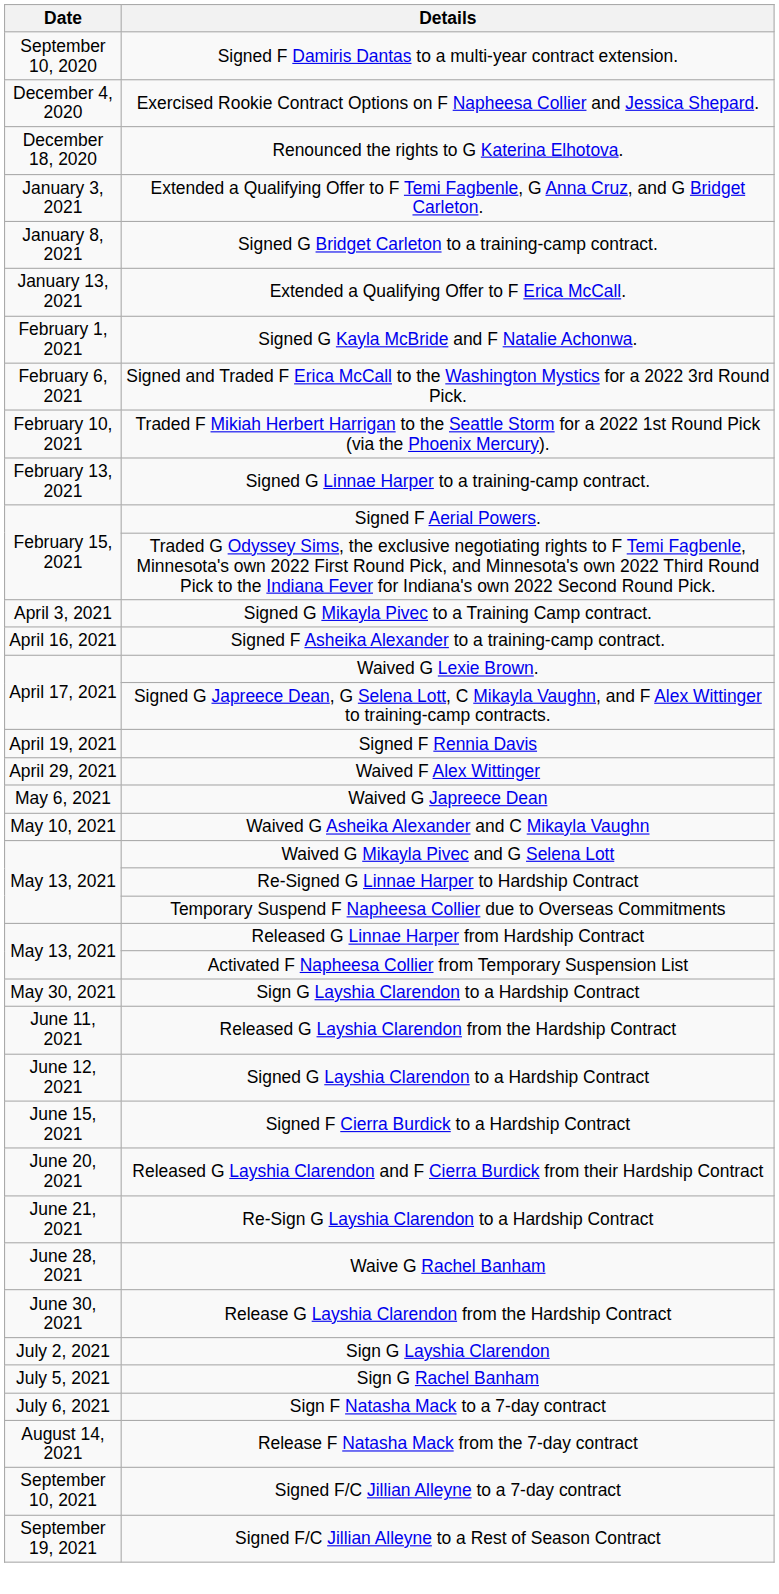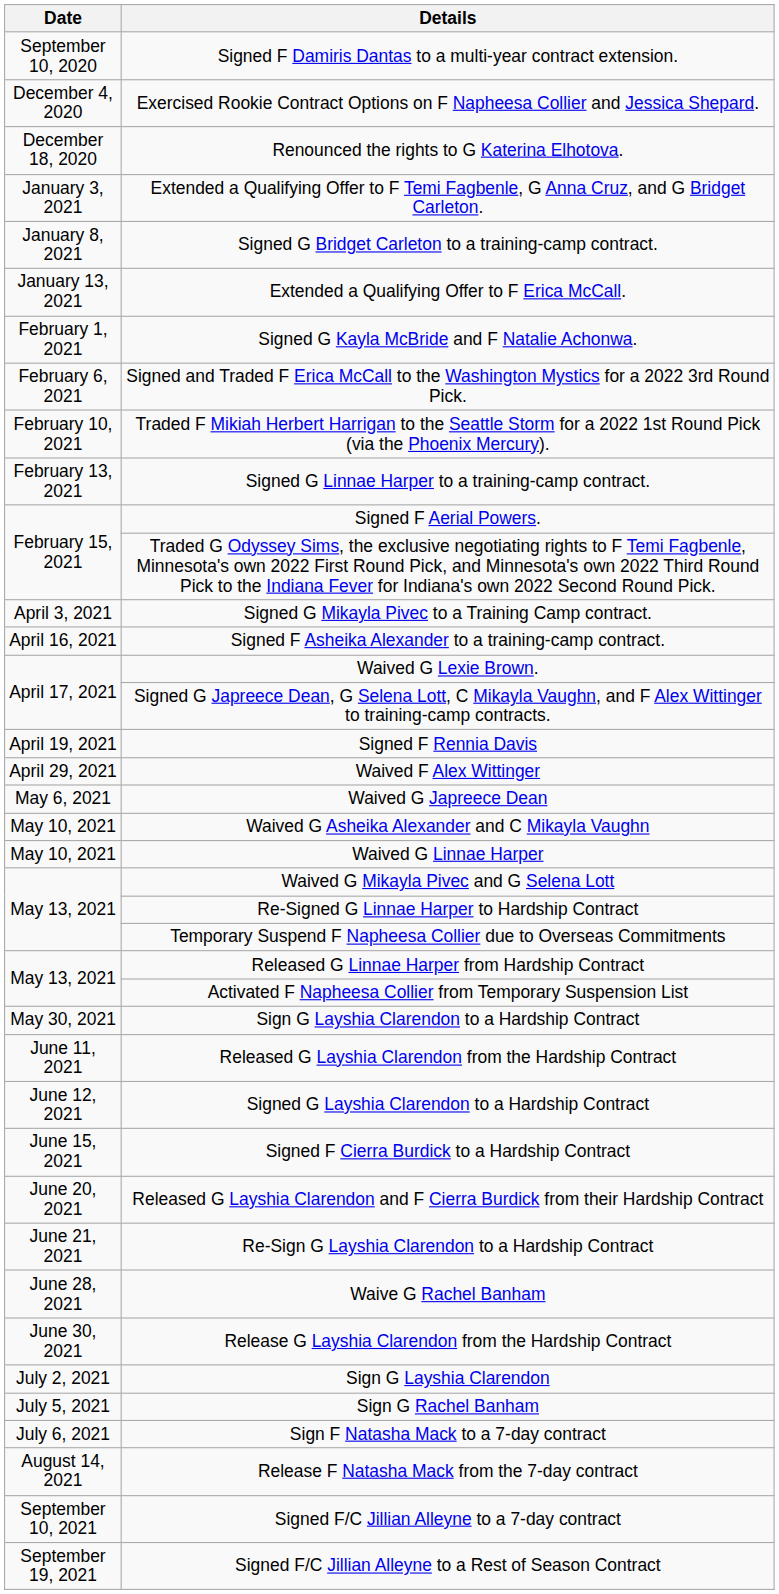 <table class="wikitable" style="width:80%; text-align: center">
 <tr>
 <th>Date</th>
 <th>Details</th>
 </tr>
 <tr>
 <td>September 10, 2020</td>
 <td>Signed F <a href='#'>Damiris Dantas</a> to a multi-year contract extension.</td>
 </tr>
 <tr>
 <td>December 4, 2020</td>
 <td>Exercised Rookie Contract Options on F <a href='#'>Napheesa Collier</a> and <a href='#'>Jessica Shepard</a>.</td>
 </tr>
 <tr>
 <td>December 18, 2020</td>
 <td>Renounced the rights to G <a href='#'>Katerina Elhotova</a>.</td>
 </tr>
 <tr>
 <td>January 3, 2021</td>
 <td>Extended a Qualifying Offer to F <a href='#'>Temi Fagbenle</a>, G <a href='#'>Anna Cruz</a>, and G <a href='#'>Bridget Carleton</a>.</td>
 </tr>
 <tr>
 <td>January 8, 2021</td>
 <td>Signed G <a href='#'>Bridget Carleton</a> to a training-camp contract.</td>
 </tr>
 <tr>
 <td>January 13, 2021</td>
 <td>Extended a Qualifying Offer to F <a href='#'>Erica McCall</a>.</td>
 </tr>
 <tr>
 <td>February 1, 2021</td>
 <td>Signed G <a href='#'>Kayla McBride</a> and F <a href='#'>Natalie Achonwa</a>.</td>
 </tr>
 <tr>
 <td>February 6, 2021</td>
 <td>Signed and Traded F <a href='#'>Erica McCall</a> to the <a href='#'>Washington Mystics</a> for a 2022 3rd Round Pick.</td>
 </tr>
 <tr>
 <td>February 10, 2021</td>
 <td>Traded F <a href='#'>Mikiah Herbert Harrigan</a> to the <a href='#'>Seattle Storm</a> for a 2022 1st Round Pick (via the <a href='#'>Phoenix Mercury</a>).</td>
 </tr>
 <tr>
 <td>February 13, 2021</td>
 <td>Signed G <a href='#'>Linnae Harper</a> to a training-camp contract.</td>
 </tr>
 <tr>
 <td rowspan=2>February 15, 2021</td>
 <td>Signed F <a href='#'>Aerial Powers</a>.</td>
 </tr>
 <tr>
 <td>Traded G <a href='#'>Odyssey Sims</a>, the exclusive negotiating rights to F <a href='#'>Temi Fagbenle</a>, Minnesota's own 2022 First Round Pick, and Minnesota's own 2022 Third Round Pick to the <a href='#'>Indiana Fever</a> for Indiana's own 2022 Second Round Pick.</td>
 </tr>
 <tr>
 <td>April 3, 2021</td>
 <td>Signed G <a href='#'>Mikayla Pivec</a> to a Training Camp contract.</td>
 </tr>
 <tr>
 <td>April 16, 2021</td>
 <td>Signed F <a href='#'>Asheika Alexander</a> to a training-camp contract.</td>
 </tr>
 <tr>
 <td rowspan=2>April 17, 2021</td>
 <td>Waived G <a href='#'>Lexie Brown</a>.</td>
 </tr>
 <tr>
 <td>Signed G <a href='#'>Japreece Dean</a>, G <a href='#'>Selena Lott</a>, C <a href='#'>Mikayla Vaughn</a>, and F <a href='#'>Alex Wittinger</a> to training-camp contracts.</td>
 </tr>
 <tr>
 <td>April 19, 2021</td>
 <td>Signed F <a href='#'>Rennia Davis</a></td>
 </tr>
 <tr>
 <td>April 29, 2021</td>
 <td>Waived F <a href='#'>Alex Wittinger</a></td>
 </tr>
 <tr>
 <td>May 6, 2021</td>
 <td>Waived G <a href='#'>Japreece Dean</a></td>
 </tr>
 <tr>
 <td>May 10, 2021</td>
 <td>Waived G <a href='#'>Asheika Alexander</a> and C <a href='#'>Mikayla Vaughn</a></td>
 </tr>
 <tr>
+<td>May 10, 2021</td>
+<td>Waived G <a href='#'>Linnae Harper</a></td>
+</tr>
+<tr>
 <td rowspan=3>May 13, 2021</td>
 <td>Waived G <a href='#'>Mikayla Pivec</a> and G <a href='#'>Selena Lott</a></td>
 </tr>
 <tr>
 <td>Re-Signed G <a href='#'>Linnae Harper</a> to Hardship Contract</td>
 </tr>
 <tr>
 <td>Temporary Suspend F <a href='#'>Napheesa Collier</a> due to Overseas Commitments</td>
 </tr>
 <tr>
 <td rowspan=2>May 13, 2021</td>
 <td>Released G <a href='#'>Linnae Harper</a> from Hardship Contract</td>
 </tr>
 <tr>
 <td>Activated F <a href='#'>Napheesa Collier</a> from Temporary Suspension List</td>
 </tr>
 <tr>
 <td>May 30, 2021</td>
 <td>Sign G <a href='#'>Layshia Clarendon</a> to a Hardship Contract</td>
 </tr>
 <tr>
 <td>June 11, 2021</td>
 <td>Released G <a href='#'>Layshia Clarendon</a> from the Hardship Contract</td>
 </tr>
 <tr>
 <td>June 12, 2021</td>
 <td>Signed G <a href='#'>Layshia Clarendon</a> to a Hardship Contract</td>
 </tr>
 <tr>
 <td>June 15, 2021</td>
 <td>Signed F <a href='#'>Cierra Burdick</a> to a Hardship Contract</td>
 </tr>
 <tr>
 <td>June 20, 2021</td>
 <td>Released G <a href='#'>Layshia Clarendon</a> and F <a href='#'>Cierra Burdick</a> from their Hardship Contract</td>
 </tr>
 <tr>
 <td>June 21, 2021</td>
 <td>Re-Sign G <a href='#'>Layshia Clarendon</a> to a Hardship Contract</td>
 </tr>
 <tr>
 <td>June 28, 2021</td>
 <td>Waive G <a href='#'>Rachel Banham</a></td>
 </tr>
 <tr>
 <td>June 30, 2021</td>
 <td>Release G <a href='#'>Layshia Clarendon</a> from the Hardship Contract</td>
 </tr>
 <tr>
 <td>July 2, 2021</td>
 <td>Sign G <a href='#'>Layshia Clarendon</a></td>
 </tr>
 <tr>
 <td>July 5, 2021</td>
 <td>Sign G <a href='#'>Rachel Banham</a></td>
 </tr>
 <tr>
 <td>July 6, 2021</td>
 <td>Sign F <a href='#'>Natasha Mack</a> to a 7-day contract</td>
 </tr>
 <tr>
 <td>August 14, 2021</td>
 <td>Release F <a href='#'>Natasha Mack</a> from the 7-day contract</td>
 </tr>
 <tr>
 <td>September 10, 2021</td>
 <td>Signed F/C <a href='#'>Jillian Alleyne</a> to a 7-day contract</td>
 </tr>
 <tr>
 <td>September 19, 2021</td>
 <td>Signed F/C <a href='#'>Jillian Alleyne</a> to a Rest of Season Contract</td>
 </tr>
 </table>
